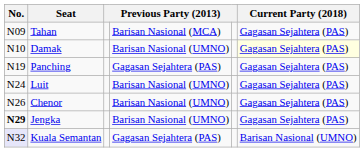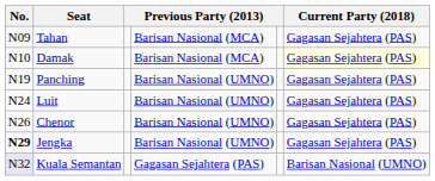 <table class="wikitable sortable" style="font-size:95%;">
 <tr>
 <th scope="col">No.</th>
 <th scope="col">Seat</th>
 <th colspan="3" scope="col">Previous Party (2013)</th>
 <th colspan="3" scope="col">Current Party (2018)</th>
 </tr>
 <tr>
 <td>N09</td>
 <td> <a href='#'>Tahan</a></td>
 <td width="1"></td>
 <td><a href='#'>Barisan Nasional</a> (<a href='#'>MCA</a>)</td>
 <td width="1"></td>
 <td><a href='#'>Gagasan Sejahtera</a> (<a href='#'>PAS</a>)</td>
 </tr>
 <tr>
 <td>N10</td>
 <td> <a href='#'>Damak</a></td>
 <td width="1"></td>
-<td><a href='#'>Barisan Nasional</a> (<a href='#'>UMNO</a>)</td>
+<td><a href='#'>Barisan Nasional</a> (<a href='#'>MCA</a>)</td>
 <td width="1"></td>
 <td style="background: lightyellow;"><a href='#'>Gagasan Sejahtera</a> (<a href='#'>PAS</a>)</td>
 </tr>
 <tr>
 <td>N19</td>
 <td> <a href='#'>Panching</a></td>
 <td width="1"></td>
-<td><a href='#'>Gagasan Sejahtera</a> (<a href='#'>PAS</a>)</td>
+<td><a href='#'>Barisan Nasional</a> (<a href='#'>UMNO</a>)</td>
 <td width="1"></td>
 <td><a href='#'>Gagasan Sejahtera</a> (<a href='#'>PAS</a>)</td>
 </tr>
 <tr>
 <td>N24</td>
 <td> <a href='#'>Luit</a></td>
 <td width="1"></td>
 <td><a href='#'>Barisan Nasional</a> (<a href='#'>UMNO</a>)</td>
 <td width="1"></td>
 <td><a href='#'>Gagasan Sejahtera</a> (<a href='#'>PAS</a>)</td>
 </tr>
 <tr>
 <td>N26</td>
 <td> <a href='#'>Chenor</a></td>
 <td width="1"></td>
 <td><a href='#'>Barisan Nasional</a> (<a href='#'>UMNO</a>)</td>
 <td width="1"></td>
 <td><a href='#'>Gagasan Sejahtera</a> (<a href='#'>PAS</a>)</td>
 </tr>
 <tr>
 <td><strong>N29</strong></td>
 <td> <a href='#'>Jengka</a></td>
 <td width="1"></td>
 <td><a href='#'>Barisan Nasional</a> (<a href='#'>UMNO</a>)</td>
 <td width="1"></td>
 <td><a href='#'>Gagasan Sejahtera</a> (<a href='#'>PAS</a>)</td>
 </tr>
 <tr>
 <td style="background: lavender;">N32</td>
 <td> <a href='#'>Kuala Semantan</a></td>
 <td width="1"></td>
 <td><a href='#'>Gagasan Sejahtera</a> (<a href='#'>PAS</a>)</td>
 <td width="1"></td>
 <td><a href='#'>Barisan Nasional</a> (<a href='#'>UMNO</a>)</td>
 </tr>
 </table>
